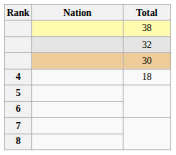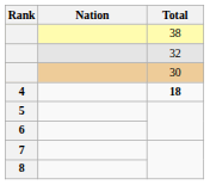 <table class="wikitable sortable" style="text-align:center; font-size:85%">
 <tr>
 <th scope="col" style="width:25px;">Rank</th>
 <th ! scope="col" style="width:120px;">Nation</th>
 <th ! scope="col" style="width:60px;">Total</th>
 </tr>
 <tr bgcolor=fffcaf>
 <th scope=row></th>
 <td align=left></td>
 <td>38</td>
 </tr>
 <tr bgcolor=e5e5e5>
 <th scope=row></th>
 <td align=left></td>
 <td>32</td>
 </tr>
 <tr bgcolor=eecc99>
 <th scope=row></th>
 <td align=left></td>
 <td>30</td>
 </tr>
 <tr>
 <th scope=row>4</th>
 <td align=left></td>
-<td>18</td>
+<td><strong>18</strong></td>
 </tr>
 <tr>
 <th scope=row>5</th>
 <td align=left></td>
 <td rowspan=2></td>
 </tr>
 <tr>
 <th scope=row>6</th>
 <td align=left></td>
 </tr>
 <tr>
 <th scope=row>7</th>
 <td align=left></td>
 <td rowspan=2></td>
 </tr>
 <tr>
 <th scope=row>8</th>
 <td align=left></td>
 </tr>
 </table>
